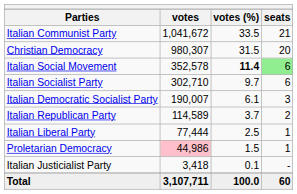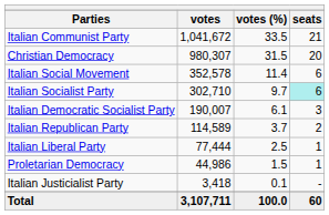 <table class="wikitable" style="font-size:95%">
 <tr>
 <th colspan=4></th>
 </tr>
 <tr>
 </tr>
 <tr bgcolor="EFEFEF">
 <th>Parties</th>
 <th>votes</th>
 <th>votes (%)</th>
 <th>seats</th>
 </tr>
 <tr>
 <td><a href='#'>Italian Communist Party</a></td>
 <td align=right>1,041,672</td>
 <td align=right>33.5</td>
 <td align=right>21</td>
 </tr>
 <tr>
 <td><a href='#'>Christian Democracy</a></td>
 <td align=right>980,307</td>
 <td align=right>31.5</td>
 <td align=right>20</td>
 </tr>
 <tr>
 <td><a href='#'>Italian Social Movement</a></td>
 <td align=right>352,578</td>
-<td align=right><strong>11.4</strong></td>
-<td align=right style="background: lightgreen;">6</td>
+<td align=right>11.4</td>
+<td align=right>6</td>
 </tr>
 <tr>
 <td><a href='#'>Italian Socialist Party</a></td>
 <td align=right>302,710</td>
 <td align=right>9.7</td>
-<td align=right>6</td>
+<td align=right style="background: paleturquoise;">6</td>
 </tr>
 <tr>
 <td><a href='#'>Italian Democratic Socialist Party</a></td>
 <td align=right>190,007</td>
 <td align=right>6.1</td>
 <td align=right>3</td>
 </tr>
 <tr>
 <td><a href='#'>Italian Republican Party</a></td>
 <td align=right>114,589</td>
 <td align=right>3.7</td>
 <td align=right>2</td>
 </tr>
 <tr>
 <td><a href='#'>Italian Liberal Party</a></td>
 <td align=right>77,444</td>
 <td align=right>2.5</td>
 <td align=right>1</td>
 </tr>
 <tr>
 <td><a href='#'>Proletarian Democracy</a></td>
-<td align=right style="background: pink;">44,986</td>
+<td align=right>44,986</td>
 <td align=right>1.5</td>
 <td align=right>1</td>
 </tr>
 <tr>
 <td>Italian Justicialist Party</td>
 <td align=right>3,418</td>
 <td align=right>0.1</td>
 <td align=right>-</td>
 </tr>
 <tr>
 </tr>
 <tr bgcolor="EFEFEF">
 <td><strong>Total</strong></td>
 <td align=right><strong>3,107,711</strong></td>
 <td align=right><strong>100.0</strong></td>
 <td align=right><strong>60</strong></td>
 </tr>
 </table>
